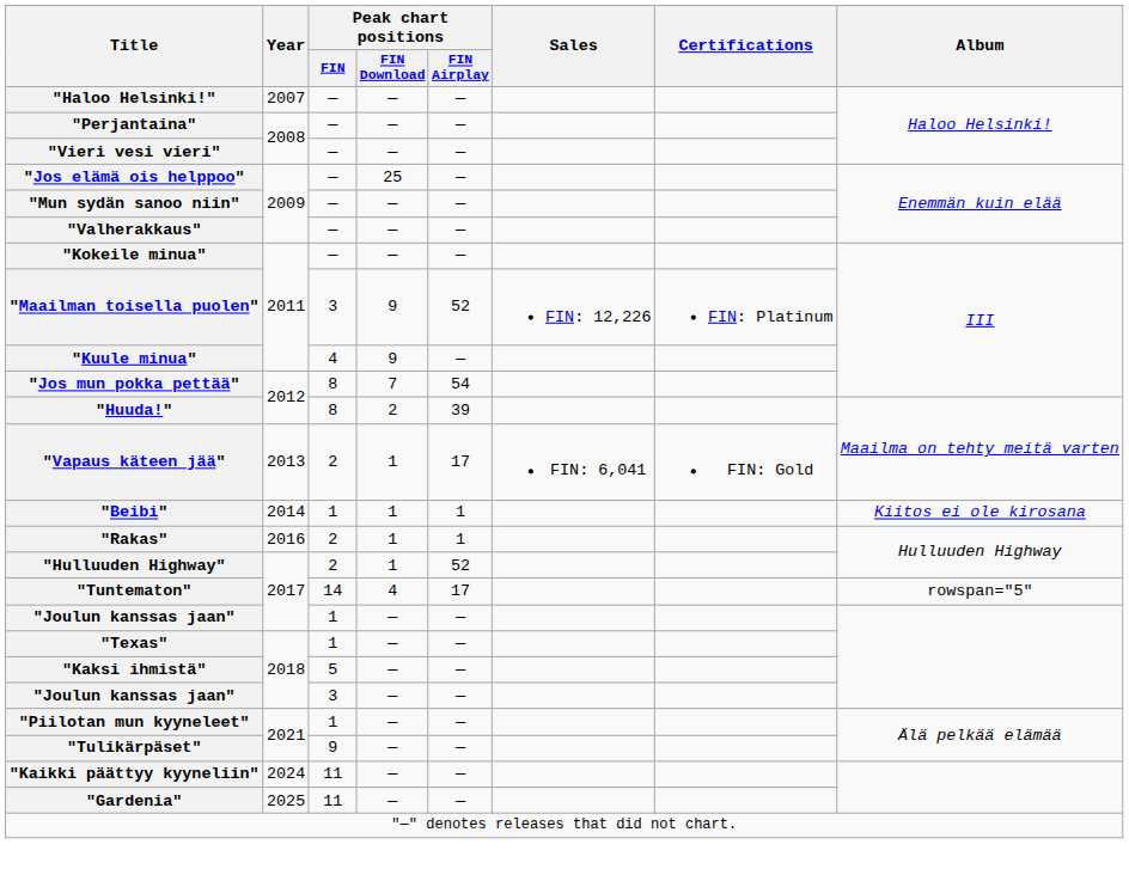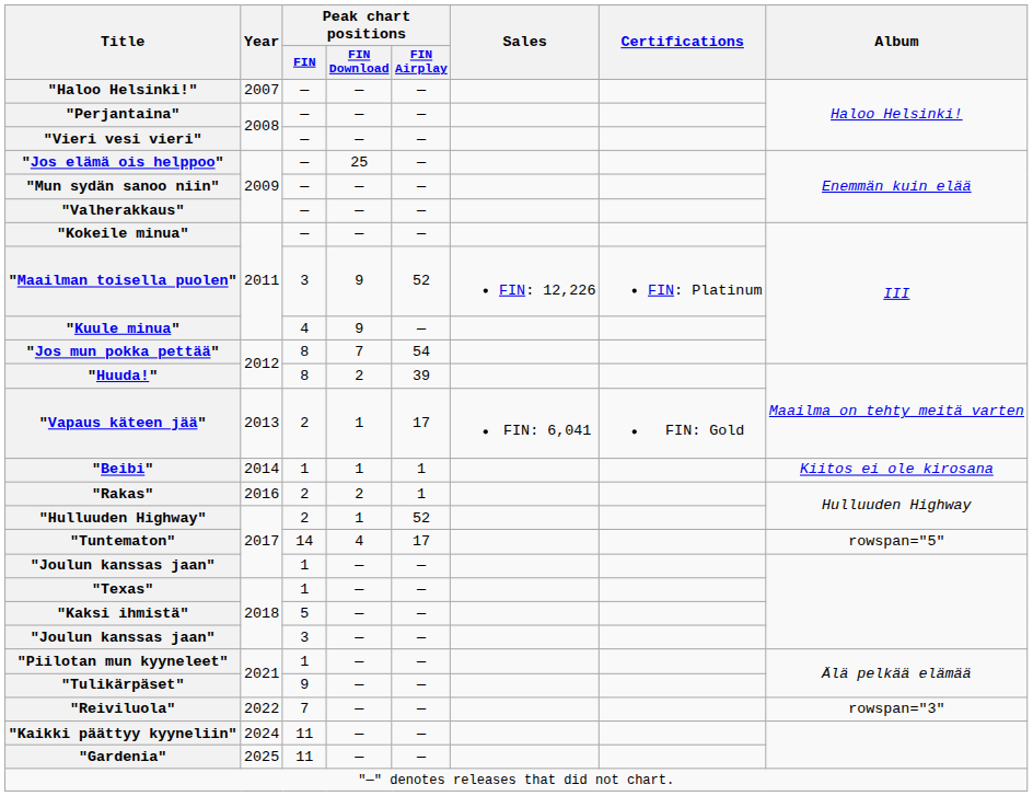 <table class="wikitable plainrowheaders" style="text-align:center;">
 <tr>
 <th scope="col" rowspan="2">Title</th>
 <th scope="col" rowspan="2">Year</th>
 <th scope="col" colspan="3">Peak chart positions</th>
 <th scope="col" rowspan="2">Sales<br></th>
 <th scope="col" rowspan="2"><a href='#'>Certifications</a><br></th>
 <th scope="col" rowspan="2">Album</th>
 </tr>
 <tr>
 <th style="width:3em;font-size:85%"><a href='#'>FIN</a><br></th>
 <th style="width:3em;font-size:85%"><a href='#'>FIN<br>Download</a><br></th>
 <th style="width:3em;font-size:85%"><a href='#'>FIN<br>Airplay</a><br></th>
 </tr>
 <tr>
 <th scope="row">"Haloo Helsinki!"</th>
 <td>2007</td>
 <td>—</td>
 <td>—</td>
 <td>—</td>
 <td></td>
 <td></td>
 <td rowspan="3"><em><a href='#'>Haloo Helsinki!</a></em></td>
 </tr>
 <tr>
 <th scope="row">"Perjantaina"</th>
 <td rowspan="2">2008</td>
 <td>—</td>
 <td>—</td>
 <td>—</td>
 <td></td>
 <td></td>
 </tr>
 <tr>
 <th scope="row">"Vieri vesi vieri"</th>
 <td>—</td>
 <td>—</td>
 <td>—</td>
 <td></td>
 <td></td>
 </tr>
 <tr>
 <th scope="row">"<a href='#'>Jos elämä ois helppoo</a>"</th>
 <td rowspan="3">2009</td>
 <td>—</td>
 <td>25</td>
 <td>—</td>
 <td></td>
 <td></td>
 <td rowspan="3"><em><a href='#'>Enemmän kuin elää</a></em></td>
 </tr>
 <tr>
 <th scope="row">"Mun sydän sanoo niin"</th>
 <td>—</td>
 <td>—</td>
 <td>—</td>
 <td></td>
 <td></td>
 </tr>
 <tr>
 <th scope="row">"Valherakkaus"</th>
 <td>—</td>
 <td>—</td>
 <td>—</td>
 <td></td>
 <td></td>
 </tr>
 <tr>
 <th scope="row">"Kokeile minua"</th>
 <td rowspan="3">2011</td>
 <td>—</td>
 <td>—</td>
 <td>—</td>
 <td></td>
 <td></td>
 <td rowspan="4"><em><a href='#'>III</a></em></td>
 </tr>
 <tr>
 <th scope="row">"<a href='#'>Maailman toisella puolen</a>"</th>
 <td>3</td>
 <td>9</td>
 <td>52</td>
 <td><br><ul><li><a href='#'>FIN</a>: 12,226</li></ul></td>
 <td><br><ul><li><a href='#'>FIN</a>: Platinum</li></ul></td>
 </tr>
 <tr>
 <th scope="row">"<a href='#'>Kuule minua</a>"</th>
 <td>4</td>
 <td>9</td>
 <td>—</td>
 <td></td>
 <td></td>
 </tr>
 <tr>
 <th scope="row">"<a href='#'>Jos mun pokka pettää</a>"</th>
 <td rowspan="2">2012</td>
 <td>8</td>
 <td>7</td>
 <td>54</td>
 <td></td>
 <td></td>
 </tr>
 <tr>
 <th scope="row">"<a href='#'>Huuda!</a>"</th>
 <td>8</td>
 <td>2</td>
 <td>39</td>
 <td></td>
 <td></td>
 <td rowspan="2"><em><a href='#'>Maailma on tehty meitä varten</a></em></td>
 </tr>
 <tr>
 <th scope="row">"<a href='#'>Vapaus käteen jää</a>"</th>
 <td>2013</td>
 <td>2</td>
 <td>1</td>
 <td>17</td>
 <td><br><ul><li>FIN: 6,041</li></ul></td>
 <td><br><ul><li>FIN: Gold</li></ul></td>
 </tr>
 <tr>
 <th scope="row">"<a href='#'>Beibi</a>"</th>
 <td>2014</td>
 <td>1</td>
 <td>1</td>
 <td>1</td>
 <td></td>
 <td></td>
 <td><em><a href='#'>Kiitos ei ole kirosana</a></em></td>
 </tr>
 <tr>
 <th scope="row">"Rakas"</th>
 <td>2016</td>
 <td>2</td>
-<td>1</td>
+<td>2</td>
 <td>1</td>
 <td></td>
 <td></td>
 <td rowspan="2"><em>Hulluuden Highway</em></td>
 </tr>
 <tr>
 <th scope="row">"Hulluuden Highway"</th>
 <td rowspan="3">2017</td>
 <td>2</td>
 <td>1</td>
 <td>52</td>
 <td></td>
 <td></td>
 </tr>
 <tr>
 <th scope="row">"Tuntematon"</th>
 <td>14</td>
 <td>4</td>
 <td>17</td>
 <td></td>
 <td></td>
 <td>rowspan="5" </td>
 </tr>
 <tr>
 <th scope="row">"Joulun kanssas jaan"<br></th>
 <td>1<br></td>
 <td>—</td>
 <td>—</td>
 <td></td>
 <td></td>
 </tr>
 <tr>
 <th scope="row">"Texas"<br></th>
 <td rowspan="3">2018</td>
 <td>1</td>
 <td>—</td>
 <td>—</td>
 <td></td>
 <td></td>
 </tr>
 <tr>
 <th scope="row">"Kaksi ihmistä"</th>
 <td>5</td>
 <td>—</td>
 <td>—</td>
 <td></td>
 <td></td>
 </tr>
 <tr>
 <th scope="row">"Joulun kanssas jaan"</th>
 <td>3</td>
 <td>—</td>
 <td>—</td>
 <td></td>
 <td></td>
 </tr>
 <tr>
 <th scope="row">"Piilotan mun kyyneleet"</th>
 <td rowspan="2">2021</td>
 <td>1</td>
 <td>—</td>
 <td>—</td>
 <td></td>
 <td></td>
 <td rowspan="2"><em>Älä pelkää elämää</em></td>
 </tr>
 <tr>
 <th scope="row">"Tulikärpäset"</th>
 <td>9</td>
 <td>—</td>
 <td>—</td>
 <td></td>
 <td></td>
 </tr>
 <tr>
+<th scope="row">"Reiviluola"<br></th>
+<td>2022</td>
+<td>7<br></td>
+<td>—</td>
+<td>—</td>
+<td></td>
+<td></td>
+<td>rowspan="3" </td>
+</tr>
+<tr>
 <th scope="row">"Kaikki päättyy kyyneliin"</th>
 <td>2024</td>
 <td>11<br></td>
 <td>—</td>
 <td>—</td>
 <td></td>
 <td></td>
 </tr>
 <tr>
 <th scope="row">"Gardenia"</th>
 <td>2025</td>
 <td>11<br></td>
 <td>—</td>
 <td>—</td>
 <td></td>
 <td></td>
 </tr>
 <tr>
 <td colspan="8" style="font-size:90%">"—" denotes releases that did not chart.</td>
 </tr>
 </table>
